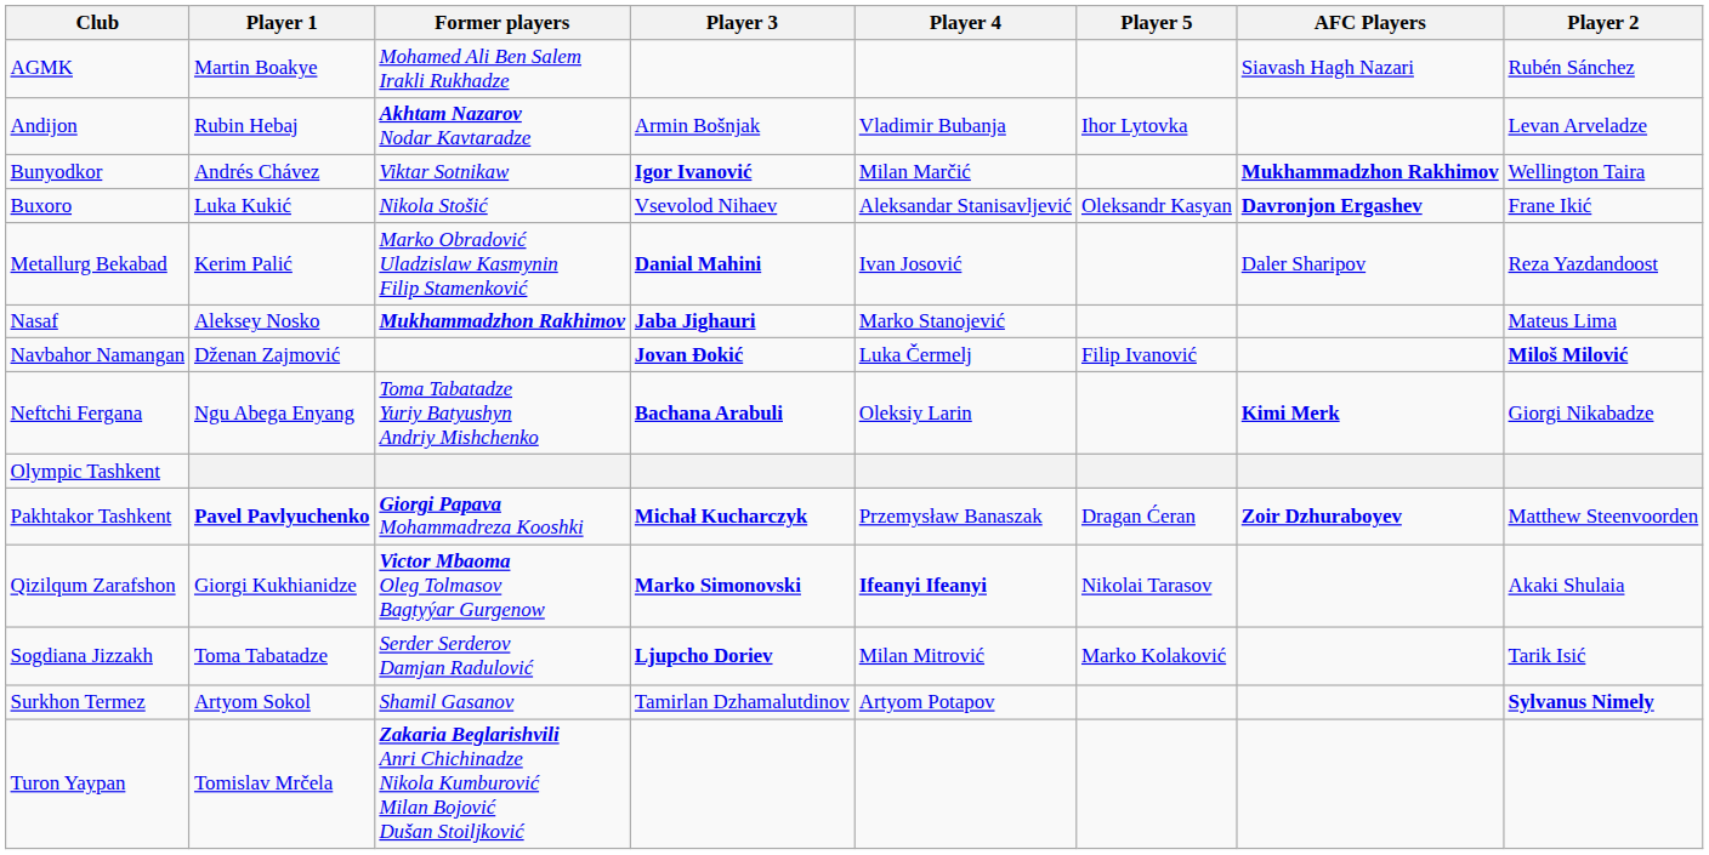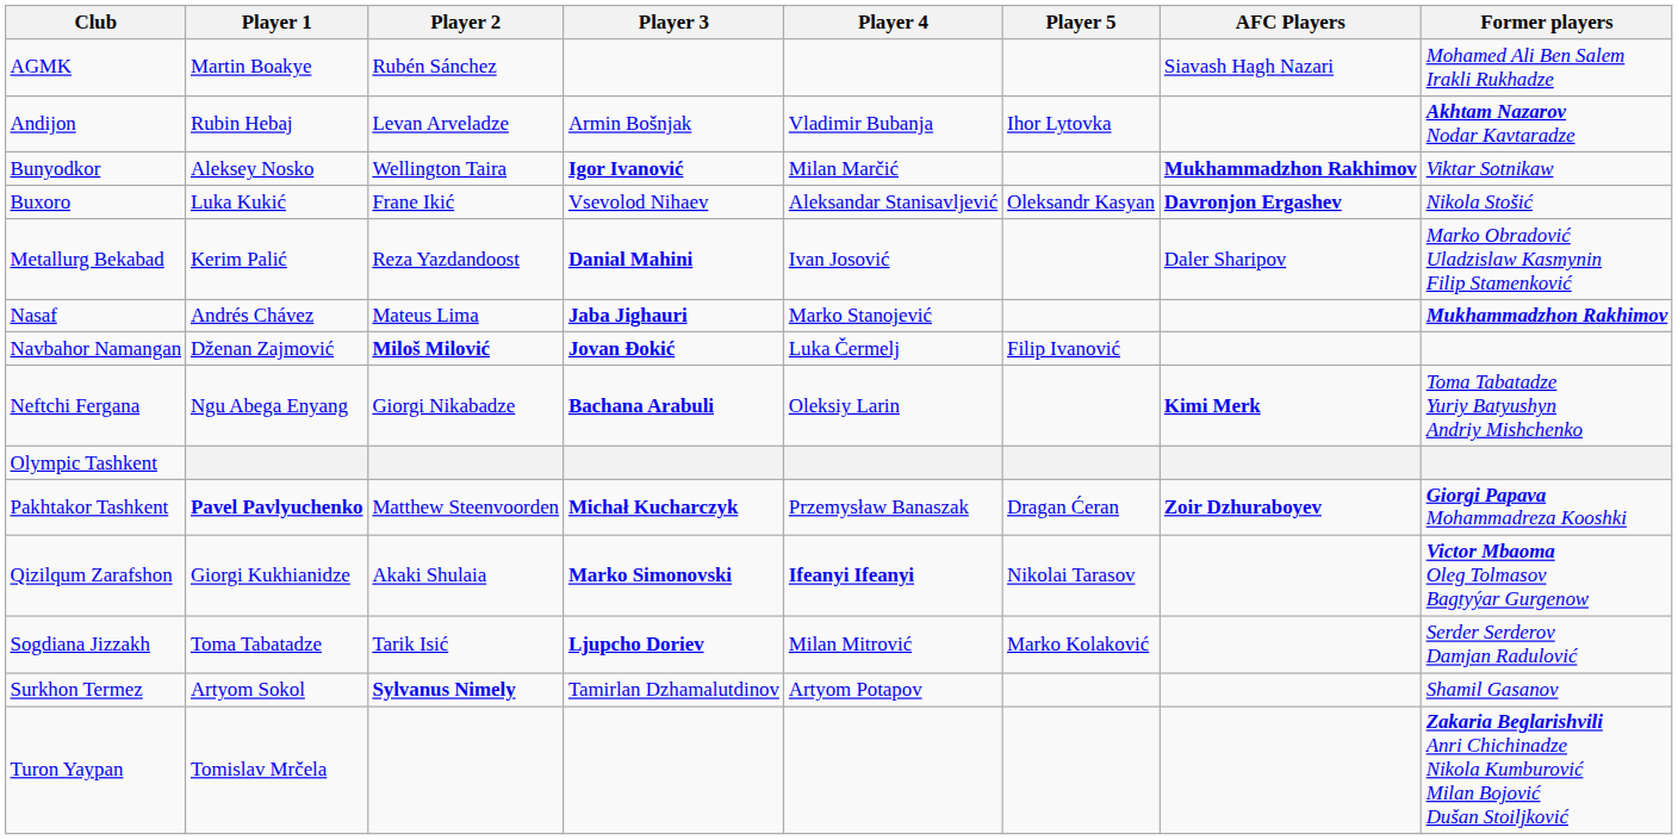 <table class="wikitable" style="font-size:90%;">
 <tr>
 <th>Club</th>
 <th>Player 1</th>
-<th>Former players</th>
+<th>Player 2</th>
 <th>Player 3</th>
 <th>Player 4</th>
 <th>Player 5</th>
 <th>AFC Players</th>
-<th>Player 2</th>
+<th>Former players</th>
 </tr>
 <tr>
 <td><a href='#'>AGMK</a></td>
 <td> <a href='#'>Martin Boakye</a></td>
-<td><em> <a href='#'>Mohamed Ali Ben Salem</a></em><br> <em><a href='#'>Irakli Rukhadze</a></em></td>
+<td> <a href='#'>Rubén Sánchez</a></td>
 <td></td>
 <td></td>
 <td></td>
 <td> <a href='#'>Siavash Hagh Nazari</a></td>
-<td> <a href='#'>Rubén Sánchez</a></td>
+<td><em> <a href='#'>Mohamed Ali Ben Salem</a></em><br> <em><a href='#'>Irakli Rukhadze</a></em></td>
 </tr>
 <tr>
 <td><a href='#'>Andijon</a></td>
 <td> <a href='#'>Rubin Hebaj</a></td>
-<td> <strong><em><a href='#'>Akhtam Nazarov</a></em></strong> <br>  <em><a href='#'>Nodar Kavtaradze</a></em></td>
+<td> <a href='#'>Levan Arveladze</a></td>
 <td> <a href='#'>Armin Bošnjak</a></td>
 <td> <a href='#'>Vladimir Bubanja</a></td>
 <td> <a href='#'>Ihor Lytovka</a></td>
 <td></td>
-<td> <a href='#'>Levan Arveladze</a></td>
+<td> <strong><em><a href='#'>Akhtam Nazarov</a></em></strong> <br>  <em><a href='#'>Nodar Kavtaradze</a></em></td>
 </tr>
 <tr>
 <td><a href='#'>Bunyodkor</a></td>
-<td> <a href='#'>Andrés Chávez</a></td>
-<td> <em><a href='#'>Viktar Sotnikaw</a></em></td>
+<td> <a href='#'>Aleksey Nosko</a></td>
+<td> <a href='#'>Wellington Taira</a></td>
 <td> <strong><a href='#'>Igor Ivanović</a></strong></td>
 <td> <a href='#'>Milan Marčić</a></td>
 <td></td>
 <td> <strong><a href='#'>Mukhammadzhon Rakhimov</a></strong></td>
-<td> <a href='#'>Wellington Taira</a></td>
+<td> <em><a href='#'>Viktar Sotnikaw</a></em></td>
 </tr>
 <tr>
 <td><a href='#'>Buxoro</a></td>
 <td> <a href='#'>Luka Kukić</a></td>
-<td> <em><a href='#'>Nikola Stošić</a></em></td>
+<td> <a href='#'>Frane Ikić</a></td>
 <td> <a href='#'>Vsevolod Nihaev</a></td>
 <td> <a href='#'>Aleksandar Stanisavljević</a></td>
 <td> <a href='#'>Oleksandr Kasyan</a></td>
 <td> <strong><a href='#'>Davronjon Ergashev</a></strong></td>
-<td> <a href='#'>Frane Ikić</a></td>
+<td> <em><a href='#'>Nikola Stošić</a></em></td>
 </tr>
 <tr>
 <td><a href='#'>Metallurg Bekabad</a></td>
 <td> <a href='#'>Kerim Palić</a></td>
-<td> <em><a href='#'>Marko Obradović</a></em><br> <em><a href='#'>Uladzislaw Kasmynin</a></em><br> <em><a href='#'>Filip Stamenković</a></em></td>
+<td> <a href='#'>Reza Yazdandoost</a></td>
 <td> <strong><a href='#'>Danial Mahini</a></strong></td>
 <td> <a href='#'>Ivan Josović</a></td>
 <td></td>
 <td> <a href='#'>Daler Sharipov</a></td>
-<td> <a href='#'>Reza Yazdandoost</a></td>
+<td> <em><a href='#'>Marko Obradović</a></em><br> <em><a href='#'>Uladzislaw Kasmynin</a></em><br> <em><a href='#'>Filip Stamenković</a></em></td>
 </tr>
 <tr>
 <td><a href='#'>Nasaf</a></td>
-<td> <a href='#'>Aleksey Nosko</a></td>
-<td> <strong><em><a href='#'>Mukhammadzhon Rakhimov</a></em></strong></td>
+<td> <a href='#'>Andrés Chávez</a></td>
+<td> <a href='#'>Mateus Lima</a></td>
 <td> <strong><a href='#'>Jaba Jighauri</a></strong></td>
 <td> <a href='#'>Marko Stanojević</a></td>
 <td></td>
 <td></td>
-<td> <a href='#'>Mateus Lima</a></td>
+<td> <strong><em><a href='#'>Mukhammadzhon Rakhimov</a></em></strong></td>
 </tr>
 <tr>
 <td><a href='#'>Navbahor Namangan</a></td>
 <td> <a href='#'>Dženan Zajmović</a></td>
-<td></td>
+<td> <strong><a href='#'>Miloš Milović</a></strong></td>
 <td> <strong><a href='#'>Jovan Đokić</a></strong></td>
 <td> <a href='#'>Luka Čermelj</a></td>
 <td> <a href='#'>Filip Ivanović</a></td>
 <td></td>
-<td> <strong><a href='#'>Miloš Milović</a></strong></td>
+<td></td>
 </tr>
 <tr>
 <td><a href='#'>Neftchi Fergana</a></td>
 <td> <a href='#'>Ngu Abega Enyang</a></td>
-<td> <em><a href='#'>Toma Tabatadze</a></em><br> <em><a href='#'>Yuriy Batyushyn</a></em> <br>  <em><a href='#'>Andriy Mishchenko</a></em></td>
+<td> <a href='#'>Giorgi Nikabadze</a></td>
 <td> <strong><a href='#'>Bachana Arabuli</a></strong></td>
 <td> <a href='#'>Oleksiy Larin</a></td>
 <td></td>
 <td> <strong><a href='#'>Kimi Merk</a></strong></td>
-<td> <a href='#'>Giorgi Nikabadze</a></td>
+<td> <em><a href='#'>Toma Tabatadze</a></em><br> <em><a href='#'>Yuriy Batyushyn</a></em> <br>  <em><a href='#'>Andriy Mishchenko</a></em></td>
 </tr>
 <tr>
 <td><a href='#'>Olympic Tashkent</a></td>
 <th></th>
 <th></th>
 <th></th>
 <th></th>
 <th></th>
 <th></th>
 <th></th>
 </tr>
 <tr>
 <td><a href='#'>Pakhtakor Tashkent</a></td>
 <td> <strong><a href='#'>Pavel Pavlyuchenko</a></strong></td>
-<td> <strong><em><a href='#'>Giorgi Papava</a></em></strong><br> <em><a href='#'>Mohammadreza Kooshki</a></em></td>
+<td> <a href='#'>Matthew Steenvoorden</a></td>
 <td> <strong><a href='#'>Michał Kucharczyk</a></strong></td>
 <td> <a href='#'>Przemysław Banaszak</a></td>
 <td> <a href='#'>Dragan Ćeran</a></td>
 <td> <strong><a href='#'>Zoir Dzhuraboyev</a></strong></td>
-<td> <a href='#'>Matthew Steenvoorden</a></td>
+<td> <strong><em><a href='#'>Giorgi Papava</a></em></strong><br> <em><a href='#'>Mohammadreza Kooshki</a></em></td>
 </tr>
 <tr>
 <td><a href='#'>Qizilqum Zarafshon</a></td>
 <td> <a href='#'>Giorgi Kukhianidze</a></td>
-<td> <strong><em><a href='#'>Victor Mbaoma</a></em></strong><br> <em><a href='#'>Oleg Tolmasov</a></em><br>   <em><a href='#'>Bagtyýar Gurgenow</a></em></td>
+<td>  <a href='#'>Akaki Shulaia</a></td>
 <td> <strong><a href='#'>Marko Simonovski</a></strong></td>
 <td> <strong><a href='#'>Ifeanyi Ifeanyi</a></strong></td>
 <td> <a href='#'>Nikolai Tarasov</a></td>
 <td></td>
-<td>  <a href='#'>Akaki Shulaia</a></td>
+<td> <strong><em><a href='#'>Victor Mbaoma</a></em></strong><br> <em><a href='#'>Oleg Tolmasov</a></em><br>   <em><a href='#'>Bagtyýar Gurgenow</a></em></td>
 </tr>
 <tr>
 <td><a href='#'>Sogdiana Jizzakh</a></td>
 <td> <a href='#'>Toma Tabatadze</a></td>
-<td> <em><a href='#'>Serder Serderov</a></em> <br>  <em><a href='#'>Damjan Radulović</a></em></td>
+<td> <a href='#'>Tarik Isić</a></td>
 <td> <strong><a href='#'>Ljupcho Doriev</a></strong></td>
 <td> <a href='#'>Milan Mitrović</a></td>
 <td> <a href='#'>Marko Kolaković</a></td>
 <td></td>
-<td> <a href='#'>Tarik Isić</a></td>
+<td> <em><a href='#'>Serder Serderov</a></em> <br>  <em><a href='#'>Damjan Radulović</a></em></td>
 </tr>
 <tr>
 <td><a href='#'>Surkhon Termez</a></td>
 <td> <a href='#'>Artyom Sokol</a></td>
-<td> <em><a href='#'>Shamil Gasanov</a></em></td>
+<td> <strong><a href='#'>Sylvanus Nimely</a></strong></td>
 <td> <a href='#'>Tamirlan Dzhamalutdinov</a></td>
 <td> <a href='#'>Artyom Potapov</a></td>
 <td></td>
 <td></td>
-<td> <strong><a href='#'>Sylvanus Nimely</a></strong></td>
+<td> <em><a href='#'>Shamil Gasanov</a></em></td>
 </tr>
 <tr>
 <td><a href='#'>Turon Yaypan</a></td>
 <td> <a href='#'>Tomislav Mrčela</a></td>
-<td> <strong><em><a href='#'>Zakaria Beglarishvili</a></em></strong><br> <em><a href='#'>Anri Chichinadze</a></em><br> <em><a href='#'>Nikola Kumburović</a></em> <br> <em><a href='#'>Milan Bojović</a></em><br> <em><a href='#'>Dušan Stoiljković</a></em></td>
 <td></td>
 <td></td>
 <td></td>
 <td></td>
 <td></td>
+<td> <strong><em><a href='#'>Zakaria Beglarishvili</a></em></strong><br> <em><a href='#'>Anri Chichinadze</a></em><br> <em><a href='#'>Nikola Kumburović</a></em> <br> <em><a href='#'>Milan Bojović</a></em><br> <em><a href='#'>Dušan Stoiljković</a></em></td>
 </tr>
 </table>
